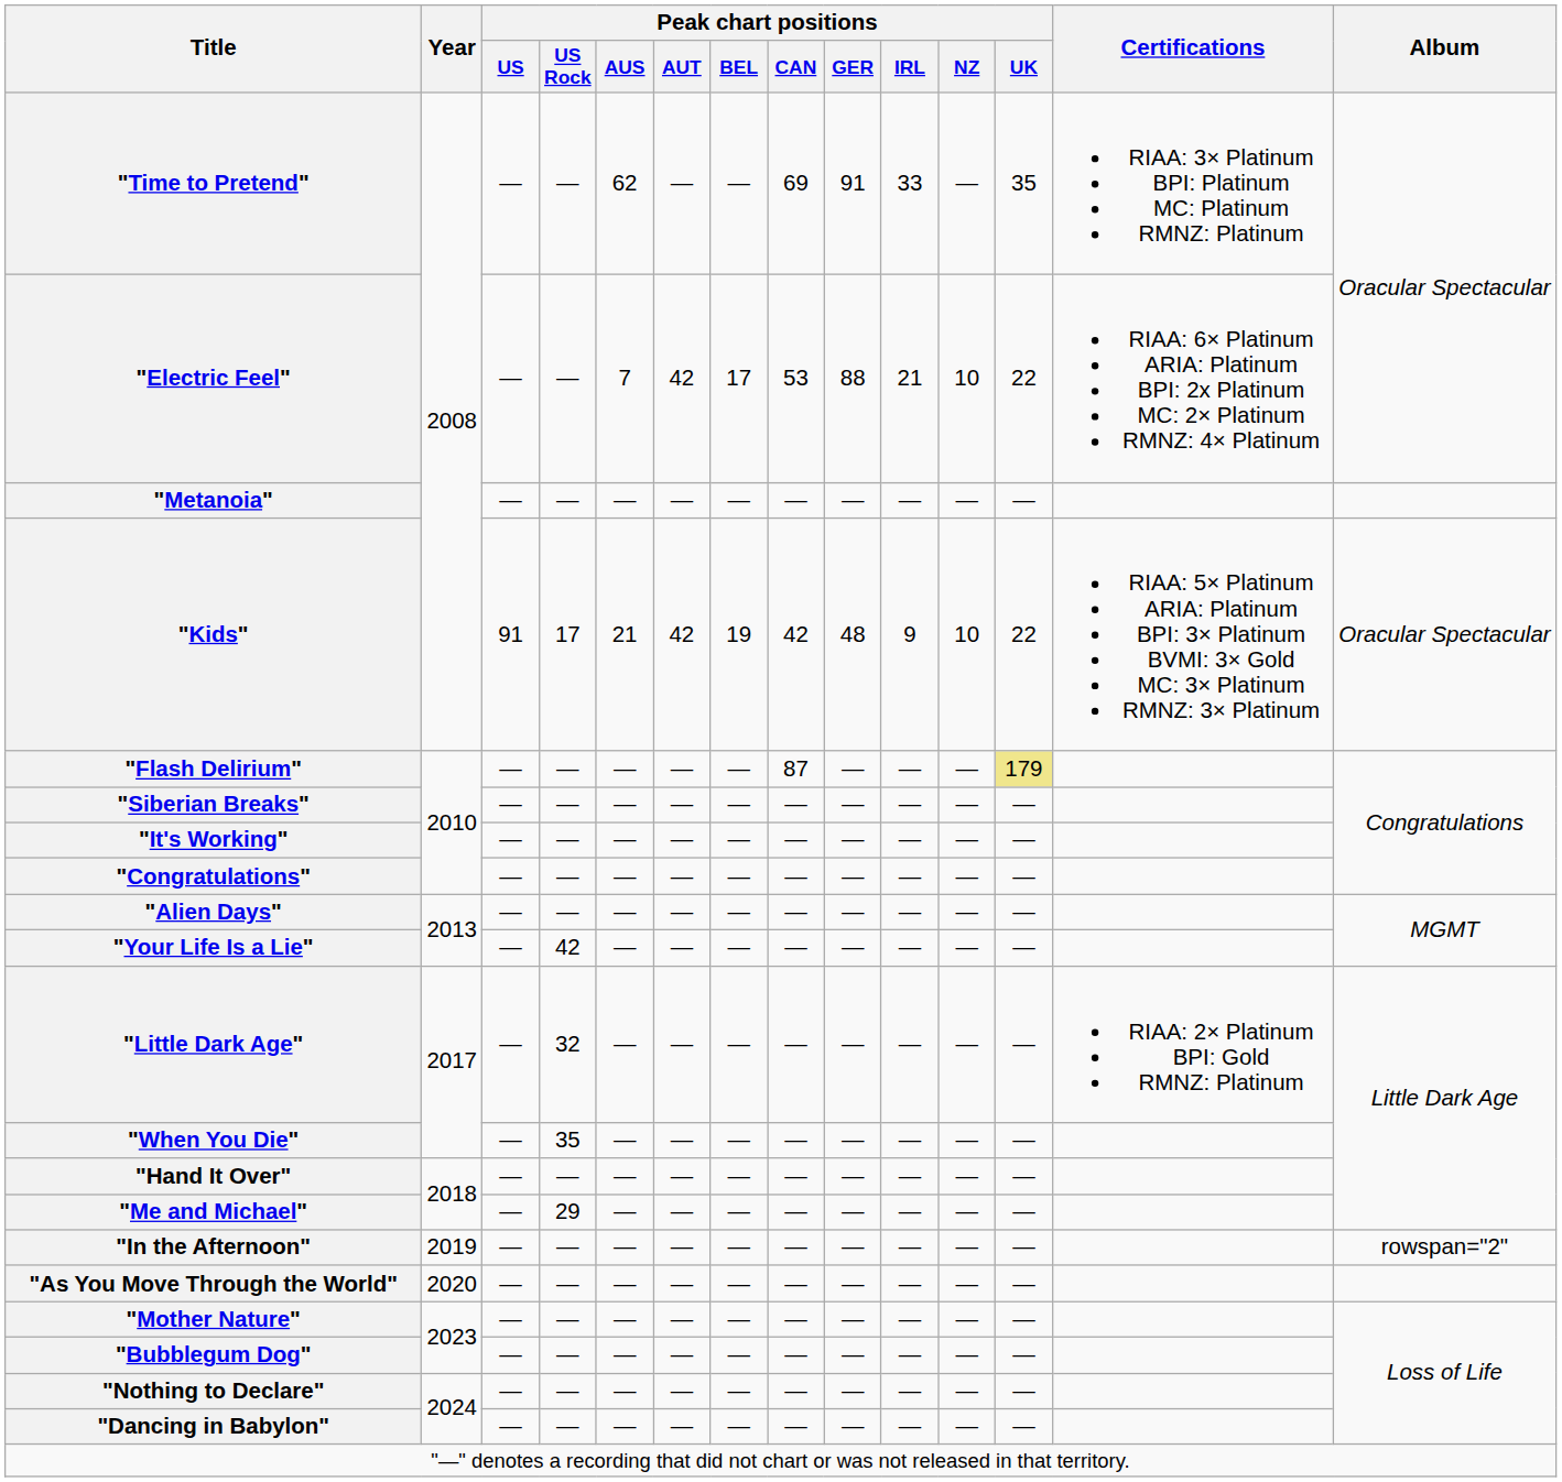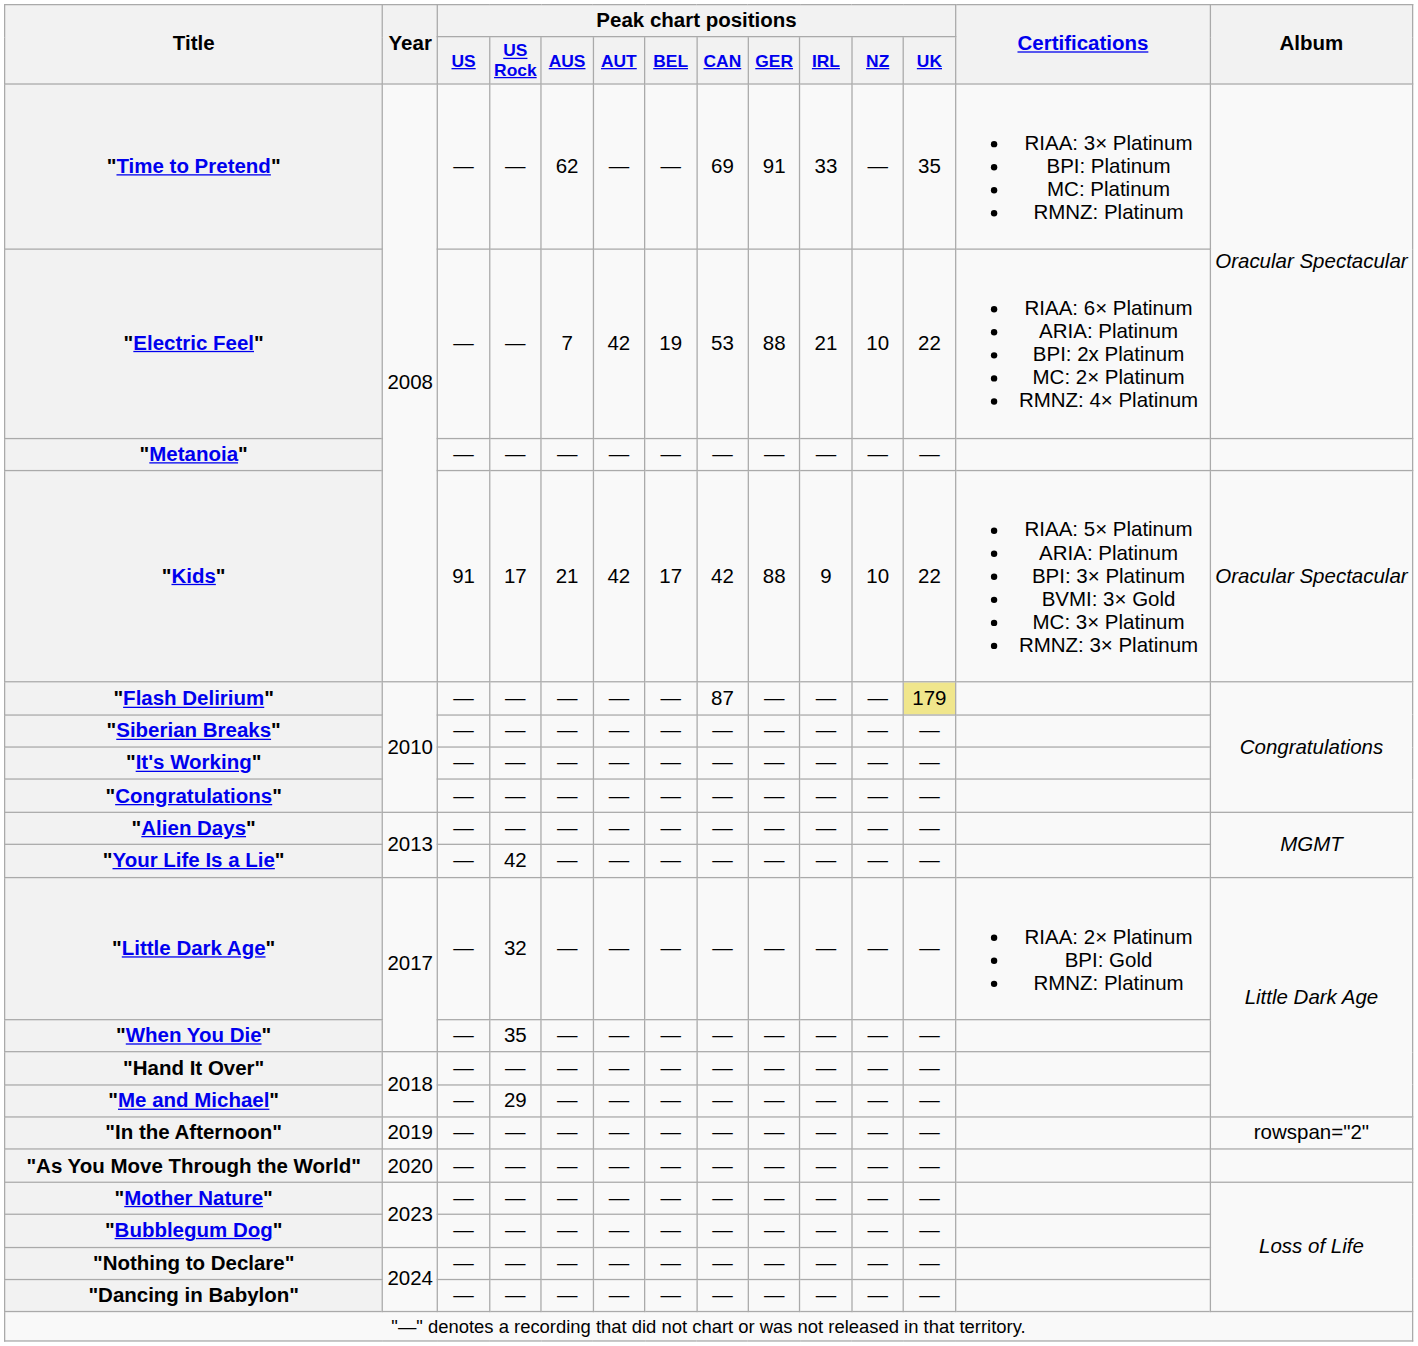 <table class="wikitable plainrowheaders" style="text-align:center;">
 <tr>
 <th scope="col" rowspan="2" style="width:18em;">Title</th>
 <th scope="col" rowspan="2" style="width:2em;">Year</th>
 <th scope="col" colspan="10">Peak chart positions</th>
 <th scope="col" rowspan="2" style="width:12em;"><a href='#'>Certifications</a></th>
 <th scope="col" rowspan="2">Album</th>
 </tr>
 <tr>
 <th scope="col" style="width:2.5em;font-size:85%;"><a href='#'>US</a><br></th>
 <th scope="col" style="width:2.5em;font-size:85%;"><a href='#'>US<br>Rock</a><br></th>
 <th scope="col" style="width:2.5em;font-size:85%;"><a href='#'>AUS</a><br></th>
 <th scope="col" style="width:2.5em;font-size:85%;"><a href='#'>AUT</a><br></th>
 <th scope="col" style="width:2.5em;font-size:85%;"><a href='#'>BEL</a><br></th>
 <th scope="col" style="width:2.5em;font-size:85%;"><a href='#'>CAN</a><br></th>
 <th scope="col" style="width:2.5em;font-size:85%;"><a href='#'>GER</a><br></th>
 <th scope="col" style="width:2.5em;font-size:85%;"><a href='#'>IRL</a><br></th>
 <th scope="col" style="width:2.5em;font-size:85%;"><a href='#'>NZ</a><br></th>
 <th scope="col" style="width:2.5em;font-size:85%;"><a href='#'>UK</a><br></th>
 </tr>
 <tr>
 <th scope="row">"<a href='#'>Time to Pretend</a>"</th>
 <td rowspan="4">2008</td>
 <td>—</td>
 <td>—</td>
 <td>62</td>
 <td>—</td>
 <td>—</td>
 <td>69</td>
 <td>91</td>
 <td>33</td>
 <td>—</td>
 <td>35</td>
 <td><br><ul><li>RIAA: 3× Platinum</li><li>BPI: Platinum</li><li>MC: Platinum</li><li>RMNZ: Platinum</li></ul></td>
 <td rowspan="2"><em>Oracular Spectacular</em></td>
 </tr>
 <tr>
 <th scope="row">"<a href='#'>Electric Feel</a>"</th>
 <td>—</td>
 <td>—</td>
 <td>7</td>
 <td>42</td>
-<td>17</td>
+<td>19</td>
 <td>53</td>
 <td>88</td>
 <td>21</td>
 <td>10</td>
 <td>22</td>
 <td><br><ul><li>RIAA: 6× Platinum</li><li>ARIA: Platinum</li><li>BPI: 2x Platinum</li><li>MC: 2× Platinum</li><li>RMNZ: 4× Platinum</li></ul></td>
 </tr>
 <tr>
 <th scope="row">"<a href='#'>Metanoia</a>"</th>
 <td>—</td>
 <td>—</td>
 <td>—</td>
 <td>—</td>
 <td>—</td>
 <td>—</td>
 <td>—</td>
 <td>—</td>
 <td>—</td>
 <td>—</td>
 <td></td>
 <td></td>
 </tr>
 <tr>
 <th scope="row">"<a href='#'>Kids</a>"</th>
 <td>91</td>
 <td>17</td>
 <td>21</td>
 <td>42</td>
-<td>19</td>
+<td>17</td>
 <td>42</td>
-<td>48</td>
+<td>88</td>
 <td>9</td>
 <td>10</td>
 <td>22</td>
 <td><br><ul><li>RIAA: 5× Platinum</li><li>ARIA: Platinum</li><li>BPI: 3× Platinum</li><li>BVMI: 3× Gold</li><li>MC: 3× Platinum</li><li>RMNZ: 3× Platinum</li></ul></td>
 <td><em>Oracular Spectacular</em></td>
 </tr>
 <tr>
 <th scope="row">"<a href='#'>Flash Delirium</a>"</th>
 <td rowspan="4">2010</td>
 <td>—</td>
 <td>—</td>
 <td>—</td>
 <td>—</td>
 <td>—</td>
 <td>87</td>
 <td>—</td>
 <td>—</td>
 <td>—</td>
 <td style="background: khaki;">179</td>
 <td></td>
 <td rowspan="4"><em>Congratulations</em></td>
 </tr>
 <tr>
 <th scope="row">"<a href='#'>Siberian Breaks</a>"</th>
 <td>—</td>
 <td>—</td>
 <td>—</td>
 <td>—</td>
 <td>—</td>
 <td>—</td>
 <td>—</td>
 <td>—</td>
 <td>—</td>
 <td>—</td>
 <td></td>
 </tr>
 <tr>
 <th scope="row">"<a href='#'>It's Working</a>"</th>
 <td>—</td>
 <td>—</td>
 <td>—</td>
 <td>—</td>
 <td>—</td>
 <td>—</td>
 <td>—</td>
 <td>—</td>
 <td>—</td>
 <td>—</td>
 <td></td>
 </tr>
 <tr>
 <th scope="row">"<a href='#'>Congratulations</a>"</th>
 <td>—</td>
 <td>—</td>
 <td>—</td>
 <td>—</td>
 <td>—</td>
 <td>—</td>
 <td>—</td>
 <td>—</td>
 <td>—</td>
 <td>—</td>
 <td></td>
 </tr>
 <tr>
 <th scope="row">"<a href='#'>Alien Days</a>"</th>
 <td rowspan="2">2013</td>
 <td>—</td>
 <td>—</td>
 <td>—</td>
 <td>—</td>
 <td>—</td>
 <td>—</td>
 <td>—</td>
 <td>—</td>
 <td>—</td>
 <td>—</td>
 <td></td>
 <td rowspan="2"><em>MGMT</em></td>
 </tr>
 <tr>
 <th scope="row">"<a href='#'>Your Life Is a Lie</a>"</th>
 <td>—</td>
 <td>42</td>
 <td>—</td>
 <td>—</td>
 <td>—</td>
 <td>—</td>
 <td>—</td>
 <td>—</td>
 <td>—</td>
 <td>—</td>
 <td></td>
 </tr>
 <tr>
 <th scope="row">"<a href='#'>Little Dark Age</a>"</th>
 <td rowspan="2">2017</td>
 <td>—</td>
 <td>32</td>
 <td>—</td>
 <td>—</td>
 <td>—</td>
 <td>—</td>
 <td>—</td>
 <td>—</td>
 <td>—</td>
 <td>—</td>
 <td><br><ul><li>RIAA: 2× Platinum</li><li>BPI: Gold</li><li>RMNZ: Platinum</li></ul></td>
 <td rowspan="4"><em>Little Dark Age</em></td>
 </tr>
 <tr>
 <th scope="row">"<a href='#'>When You Die</a>"</th>
 <td>—</td>
 <td>35</td>
 <td>—</td>
 <td>—</td>
 <td>—</td>
 <td>—</td>
 <td>—</td>
 <td>—</td>
 <td>—</td>
 <td>—</td>
 <td></td>
 </tr>
 <tr>
 <th scope="row">"Hand It Over"</th>
 <td rowspan="2">2018</td>
 <td>—</td>
 <td>—</td>
 <td>—</td>
 <td>—</td>
 <td>—</td>
 <td>—</td>
 <td>—</td>
 <td>—</td>
 <td>—</td>
 <td>—</td>
 <td></td>
 </tr>
 <tr>
 <th scope="row">"<a href='#'>Me and Michael</a>"</th>
 <td>—</td>
 <td>29</td>
 <td>—</td>
 <td>—</td>
 <td>—</td>
 <td>—</td>
 <td>—</td>
 <td>—</td>
 <td>—</td>
 <td>—</td>
 <td></td>
 </tr>
 <tr>
 <th scope="row">"In the Afternoon"</th>
 <td>2019</td>
 <td>—</td>
 <td>—</td>
 <td>—</td>
 <td>—</td>
 <td>—</td>
 <td>—</td>
 <td>—</td>
 <td>—</td>
 <td>—</td>
 <td>—</td>
 <td></td>
 <td>rowspan="2" </td>
 </tr>
 <tr>
 <th scope="row">"As You Move Through the World"</th>
 <td>2020</td>
 <td>—</td>
 <td>—</td>
 <td>—</td>
 <td>—</td>
 <td>—</td>
 <td>—</td>
 <td>—</td>
 <td>—</td>
 <td>—</td>
 <td>—</td>
 <td></td>
 </tr>
 <tr>
 <th scope="row">"<a href='#'>Mother Nature</a>"</th>
 <td rowspan="2">2023</td>
 <td>—</td>
 <td>—</td>
 <td>—</td>
 <td>—</td>
 <td>—</td>
 <td>—</td>
 <td>—</td>
 <td>—</td>
 <td>—</td>
 <td>—</td>
 <td></td>
 <td rowspan="4"><em>Loss of Life</em></td>
 </tr>
 <tr>
 <th scope="row">"<a href='#'>Bubblegum Dog</a>"</th>
 <td>—</td>
 <td>—</td>
 <td>—</td>
 <td>—</td>
 <td>—</td>
 <td>—</td>
 <td>—</td>
 <td>—</td>
 <td>—</td>
 <td>—</td>
 <td></td>
 </tr>
 <tr>
 <th scope="row">"Nothing to Declare"</th>
 <td rowspan="2">2024</td>
 <td>—</td>
 <td>—</td>
 <td>—</td>
 <td>—</td>
 <td>—</td>
 <td>—</td>
 <td>—</td>
 <td>—</td>
 <td>—</td>
 <td>—</td>
 <td></td>
 </tr>
 <tr>
 <th scope="row">"Dancing in Babylon"<br></th>
 <td>—</td>
 <td>—</td>
 <td>—</td>
 <td>—</td>
 <td>—</td>
 <td>—</td>
 <td>—</td>
 <td>—</td>
 <td>—</td>
 <td>—</td>
 <td></td>
 </tr>
 <tr>
 <td colspan="15" style="font-size:90%">"—" denotes a recording that did not chart or was not released in that territory.</td>
 </tr>
 </table>
